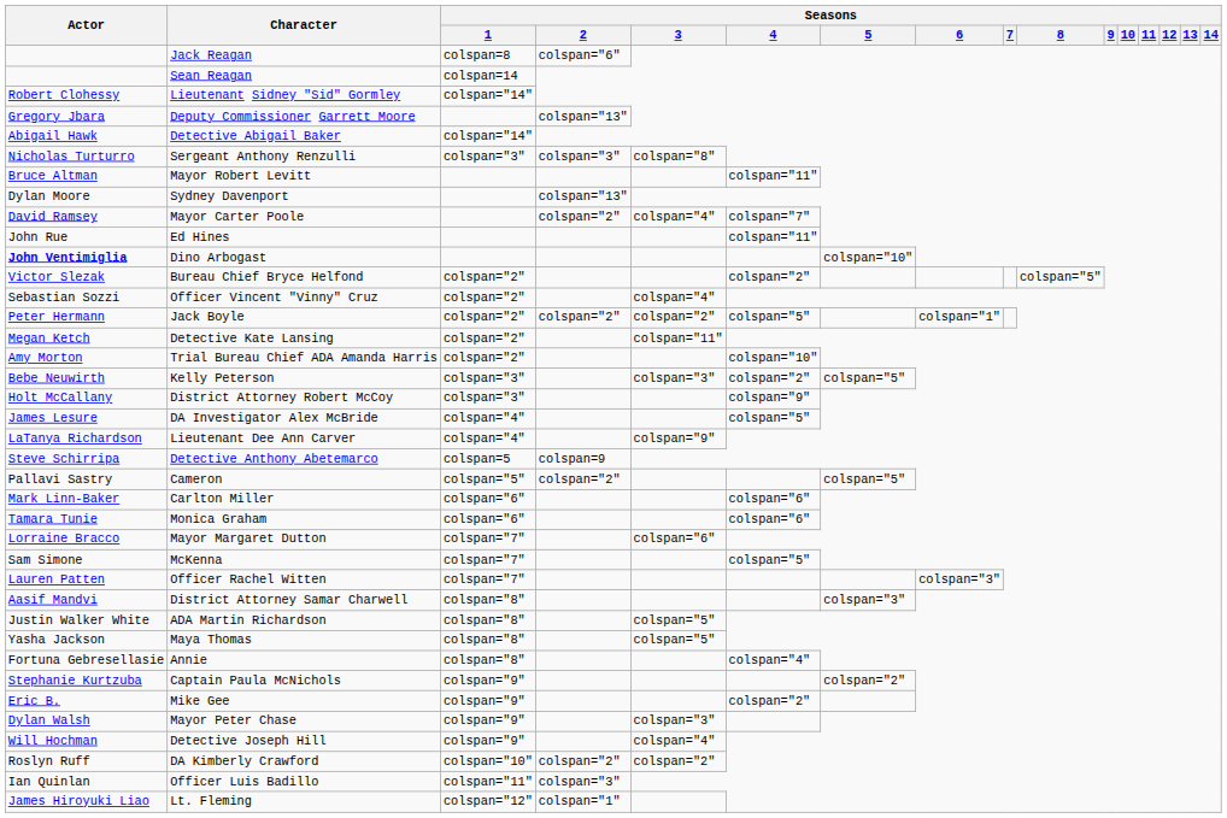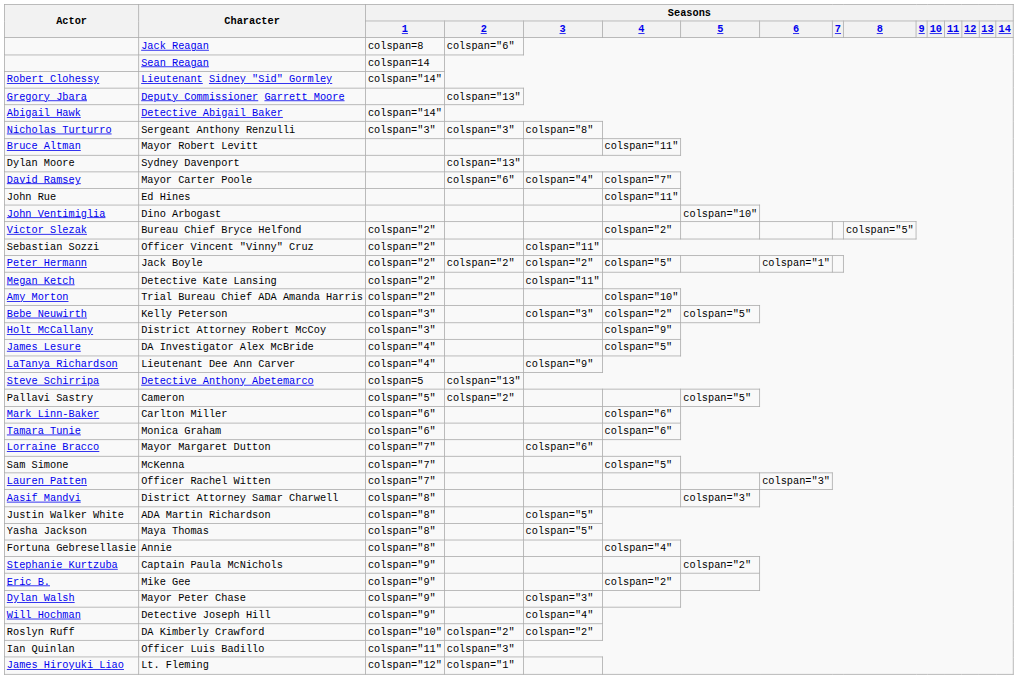 <table class="wikitable">
 <tr>
 <th rowspan="2">Actor</th>
 <th rowspan="2">Character</th>
 <th colspan="14">Seasons</th>
 </tr>
 <tr>
 <th><a href='#'>1</a></th>
 <th><a href='#'>2</a></th>
 <th><a href='#'>3</a></th>
 <th><a href='#'>4</a></th>
 <th><a href='#'>5</a></th>
 <th><a href='#'>6</a></th>
 <th><a href='#'>7</a></th>
 <th><a href='#'>8</a></th>
 <th><a href='#'>9</a></th>
 <th><a href='#'>10</a></th>
 <th><a href='#'>11</a></th>
 <th><a href='#'>12</a></th>
 <th><a href='#'>13</a></th>
 <th><a href='#'>14</a></th>
 </tr>
 <tr>
 <td></td>
 <td><a href='#'>Jack Reagan</a></td>
 <td>colspan=8 </td>
 <td>colspan="6" </td>
 </tr>
 <tr>
 <td></td>
 <td><a href='#'>Sean Reagan</a></td>
 <td>colspan=14 </td>
 </tr>
 <tr>
 <td><a href='#'>Robert Clohessy</a></td>
 <td><a href='#'>Lieutenant</a> <a href='#'>Sidney "Sid" Gormley</a></td>
 <td>colspan="14" </td>
 </tr>
 <tr>
 <td><a href='#'>Gregory Jbara</a></td>
 <td><a href='#'>Deputy Commissioner</a> <a href='#'>Garrett Moore</a></td>
 <td></td>
 <td>colspan="13" </td>
 </tr>
 <tr>
 <td><a href='#'>Abigail Hawk</a></td>
 <td><a href='#'>Detective Abigail Baker</a></td>
 <td>colspan="14" </td>
 </tr>
 <tr>
 <td><a href='#'>Nicholas Turturro</a></td>
 <td>Sergeant Anthony Renzulli</td>
 <td>colspan="3" </td>
 <td>colspan="3" </td>
 <td>colspan="8" </td>
 </tr>
 <tr>
 <td><a href='#'>Bruce Altman</a></td>
 <td>Mayor Robert Levitt</td>
 <td></td>
 <td></td>
 <td></td>
 <td>colspan="11" </td>
 </tr>
 <tr>
 <td>Dylan Moore</td>
 <td>Sydney Davenport</td>
 <td></td>
 <td>colspan="13" </td>
 </tr>
 <tr>
 <td><a href='#'>David Ramsey</a></td>
 <td>Mayor Carter Poole</td>
 <td></td>
-<td>colspan="2" </td>
+<td>colspan="6" </td>
 <td>colspan="4" </td>
 <td>colspan="7" </td>
 </tr>
 <tr>
 <td>John Rue</td>
 <td>Ed Hines</td>
 <td></td>
 <td></td>
 <td></td>
 <td>colspan="11" </td>
 </tr>
 <tr>
-<td><strong><a href='#'>John Ventimiglia</a></strong></td>
+<td><a href='#'>John Ventimiglia</a></td>
 <td>Dino Arbogast</td>
 <td></td>
 <td></td>
 <td></td>
 <td></td>
 <td>colspan="10" </td>
 </tr>
 <tr>
 <td><a href='#'>Victor Slezak</a></td>
 <td>Bureau Chief Bryce Helfond</td>
 <td>colspan="2" </td>
 <td></td>
 <td></td>
 <td>colspan="2" </td>
 <td></td>
 <td></td>
 <td></td>
 <td>colspan="5" </td>
 </tr>
 <tr>
 <td>Sebastian Sozzi</td>
 <td>Officer Vincent "Vinny" Cruz</td>
 <td>colspan="2" </td>
 <td></td>
-<td>colspan="4" </td>
+<td>colspan="11" </td>
 </tr>
 <tr>
 <td><a href='#'>Peter Hermann</a></td>
 <td>Jack Boyle</td>
 <td>colspan="2" </td>
 <td>colspan="2" </td>
 <td>colspan="2" </td>
 <td>colspan="5" </td>
 <td></td>
 <td>colspan="1" </td>
 <td></td>
 </tr>
 <tr>
 <td><a href='#'>Megan Ketch</a></td>
 <td>Detective Kate Lansing</td>
 <td>colspan="2" </td>
 <td></td>
 <td>colspan="11" </td>
 </tr>
 <tr>
 <td><a href='#'>Amy Morton</a></td>
 <td>Trial Bureau Chief ADA Amanda Harris</td>
 <td>colspan="2" </td>
 <td></td>
 <td></td>
 <td>colspan="10" </td>
 </tr>
 <tr>
 <td><a href='#'>Bebe Neuwirth</a></td>
 <td>Kelly Peterson</td>
 <td>colspan="3" </td>
 <td></td>
 <td>colspan="3" </td>
 <td>colspan="2" </td>
 <td>colspan="5" </td>
 </tr>
 <tr>
 <td><a href='#'>Holt McCallany</a></td>
 <td>District Attorney Robert McCoy</td>
 <td>colspan="3" </td>
 <td></td>
 <td></td>
 <td>colspan="9" </td>
 </tr>
 <tr>
 <td><a href='#'>James Lesure</a></td>
 <td>DA Investigator Alex McBride</td>
 <td>colspan="4" </td>
 <td></td>
 <td></td>
 <td>colspan="5" </td>
 </tr>
 <tr>
 <td><a href='#'>LaTanya Richardson</a></td>
 <td>Lieutenant Dee Ann Carver</td>
 <td>colspan="4" </td>
 <td></td>
 <td>colspan="9" </td>
 </tr>
 <tr>
 <td><a href='#'>Steve Schirripa</a></td>
 <td><a href='#'>Detective Anthony Abetemarco</a></td>
 <td>colspan=5 </td>
-<td>colspan=9 </td>
+<td>colspan="13" </td>
 </tr>
 <tr>
 <td>Pallavi Sastry</td>
 <td>Cameron</td>
 <td>colspan="5" </td>
 <td>colspan="2" </td>
 <td></td>
 <td></td>
 <td>colspan="5" </td>
 </tr>
 <tr>
 <td><a href='#'>Mark Linn-Baker</a></td>
 <td>Carlton Miller</td>
 <td>colspan="6" </td>
 <td></td>
 <td></td>
 <td>colspan="6" </td>
 </tr>
 <tr>
 <td><a href='#'>Tamara Tunie</a></td>
 <td>Monica Graham</td>
 <td>colspan="6" </td>
 <td></td>
 <td></td>
 <td>colspan="6" </td>
 </tr>
 <tr>
 <td><a href='#'>Lorraine Bracco</a></td>
 <td>Mayor Margaret Dutton</td>
 <td>colspan="7" </td>
 <td></td>
 <td>colspan="6" </td>
 </tr>
 <tr>
 <td>Sam Simone</td>
 <td>McKenna</td>
 <td>colspan="7" </td>
 <td></td>
 <td></td>
 <td>colspan="5" </td>
 </tr>
 <tr>
 <td><a href='#'>Lauren Patten</a></td>
 <td>Officer Rachel Witten</td>
 <td>colspan="7" </td>
 <td></td>
 <td></td>
 <td></td>
 <td></td>
 <td>colspan="3" </td>
 </tr>
 <tr>
 <td><a href='#'>Aasif Mandvi</a></td>
 <td>District Attorney Samar Charwell</td>
 <td>colspan="8" </td>
 <td></td>
 <td></td>
 <td></td>
 <td>colspan="3" </td>
 </tr>
 <tr>
 <td>Justin Walker White</td>
 <td>ADA Martin Richardson</td>
 <td>colspan="8" </td>
 <td></td>
 <td>colspan="5" </td>
 </tr>
 <tr>
 <td>Yasha Jackson</td>
 <td>Maya Thomas</td>
 <td>colspan="8" </td>
 <td></td>
 <td>colspan="5" </td>
 </tr>
 <tr>
 <td>Fortuna Gebresellasie</td>
 <td>Annie</td>
 <td>colspan="8" </td>
 <td></td>
 <td></td>
 <td>colspan="4" </td>
 </tr>
 <tr>
 <td><a href='#'>Stephanie Kurtzuba</a></td>
 <td>Captain Paula McNichols</td>
 <td>colspan="9" </td>
 <td></td>
 <td></td>
 <td></td>
 <td>colspan="2" </td>
 </tr>
 <tr>
 <td><a href='#'>Eric B.</a></td>
 <td>Mike Gee</td>
 <td>colspan="9" </td>
 <td></td>
 <td></td>
 <td>colspan="2" </td>
 <td></td>
 </tr>
 <tr>
 <td><a href='#'>Dylan Walsh</a></td>
 <td>Mayor Peter Chase</td>
 <td>colspan="9" </td>
 <td></td>
 <td>colspan="3"</td>
 <td></td>
 </tr>
 <tr>
 <td><a href='#'>Will Hochman</a></td>
 <td>Detective Joseph Hill</td>
 <td>colspan="9" </td>
 <td></td>
 <td>colspan="4" </td>
 </tr>
 <tr>
 <td>Roslyn Ruff</td>
 <td>DA Kimberly Crawford</td>
 <td>colspan="10" </td>
 <td>colspan="2" </td>
 <td>colspan="2" </td>
 </tr>
 <tr>
 <td>Ian Quinlan</td>
 <td>Officer Luis Badillo</td>
 <td>colspan="11" </td>
 <td>colspan="3" </td>
 </tr>
 <tr>
 <td><a href='#'>James Hiroyuki Liao</a></td>
 <td>Lt. Fleming</td>
 <td>colspan="12" </td>
 <td>colspan="1" </td>
 <td></td>
 </tr>
 </table>
